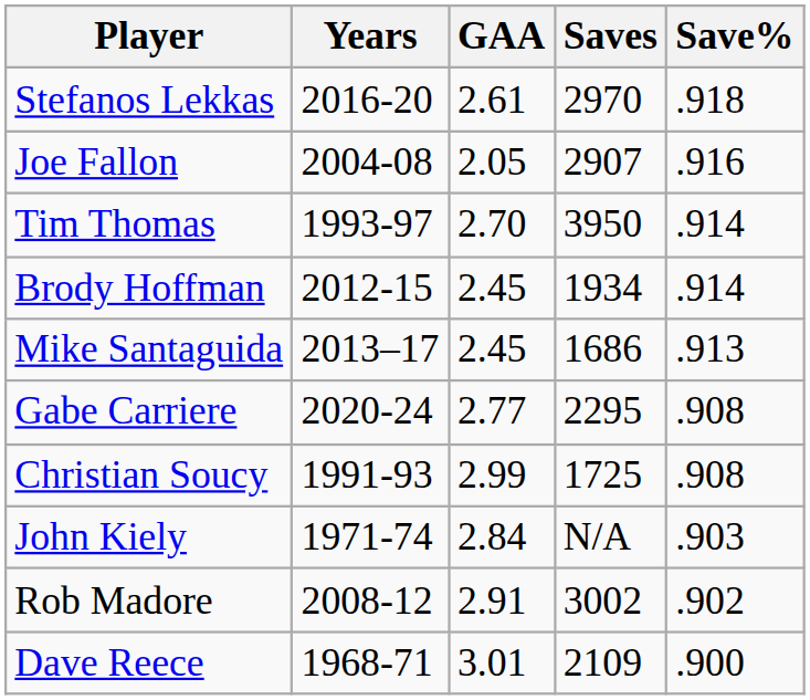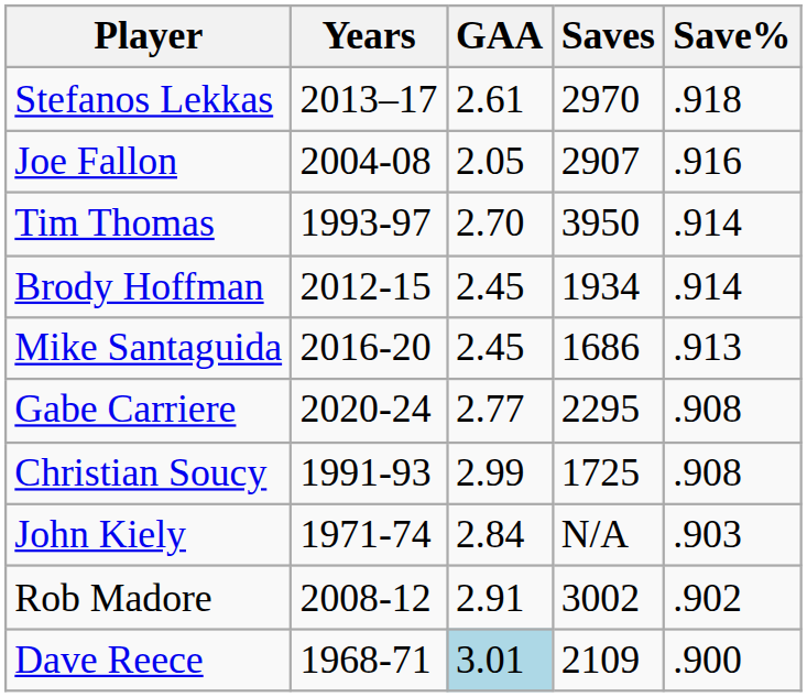 <table class="wikitable" border="1">
 <tr>
 <th>Player</th>
 <th>Years</th>
 <th>GAA</th>
 <th>Saves</th>
 <th>Save%</th>
 </tr>
 <tr>
 <td><a href='#'>Stefanos Lekkas</a></td>
-<td>2016-20</td>
+<td>2013–17</td>
 <td>2.61</td>
 <td>2970</td>
 <td>.918</td>
 </tr>
 <tr>
 <td><a href='#'>Joe Fallon</a></td>
 <td>2004-08</td>
 <td>2.05</td>
 <td>2907</td>
 <td>.916</td>
 </tr>
 <tr>
 <td><a href='#'>Tim Thomas</a></td>
 <td>1993-97</td>
 <td>2.70</td>
 <td>3950</td>
 <td>.914</td>
 </tr>
 <tr>
 <td><a href='#'>Brody Hoffman</a></td>
 <td>2012-15</td>
 <td>2.45</td>
 <td>1934</td>
 <td>.914</td>
 </tr>
 <tr>
 <td><a href='#'>Mike Santaguida</a></td>
-<td>2013–17</td>
+<td>2016-20</td>
 <td>2.45</td>
 <td>1686</td>
 <td>.913</td>
 </tr>
 <tr>
 <td><a href='#'>Gabe Carriere</a></td>
 <td>2020-24</td>
 <td>2.77</td>
 <td>2295</td>
 <td>.908</td>
 </tr>
 <tr>
 <td><a href='#'>Christian Soucy</a></td>
 <td>1991-93</td>
 <td>2.99</td>
 <td>1725</td>
 <td>.908</td>
 </tr>
 <tr>
 <td><a href='#'>John Kiely</a></td>
 <td>1971-74</td>
 <td>2.84</td>
 <td>N/A</td>
 <td>.903</td>
 </tr>
 <tr>
 <td>Rob Madore</td>
 <td>2008-12</td>
 <td>2.91</td>
 <td>3002</td>
 <td>.902</td>
 </tr>
 <tr>
 <td><a href='#'>Dave Reece</a></td>
 <td>1968-71</td>
-<td>3.01</td>
+<td style="background: lightblue;">3.01</td>
 <td>2109</td>
 <td>.900</td>
 </tr>
 </table>
